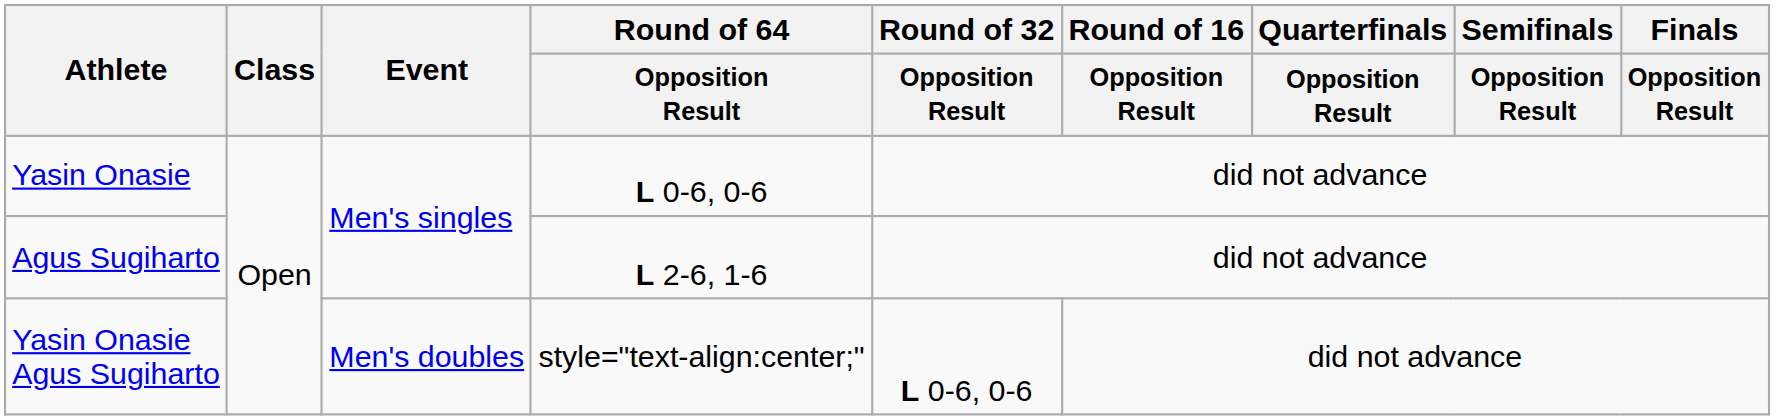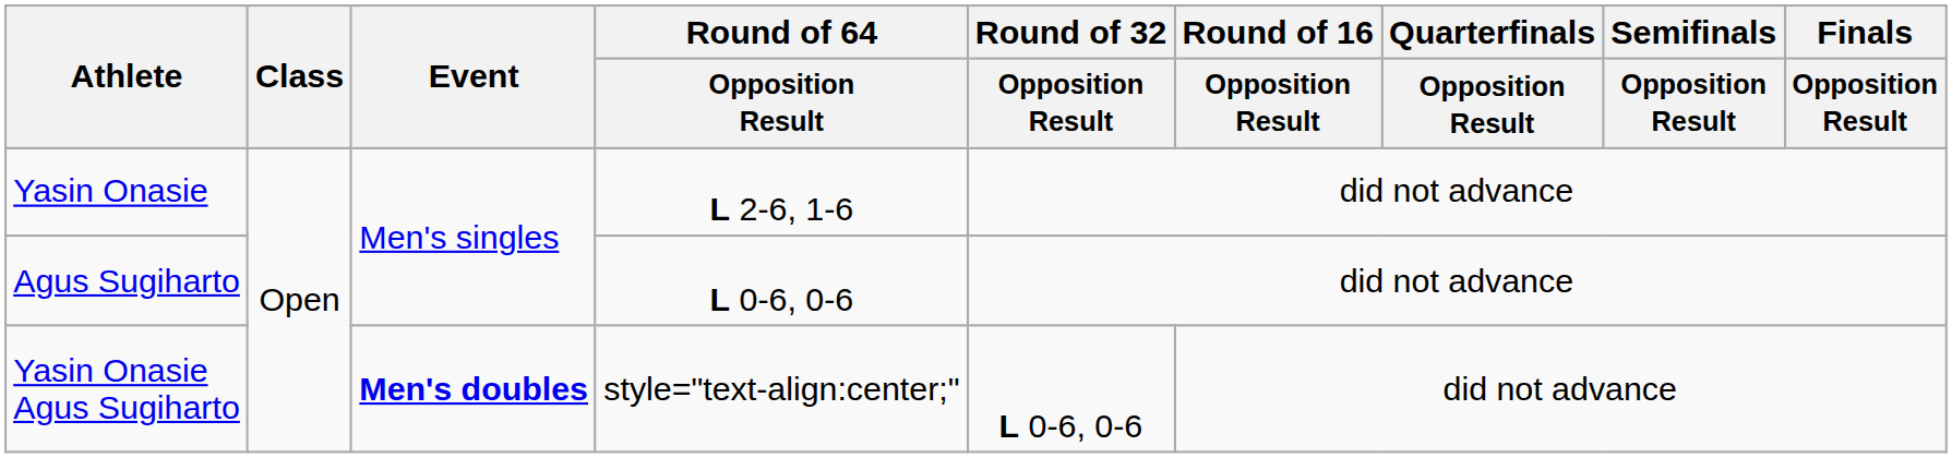 <table class=wikitable style="font-size:90%">
 <tr>
 <th rowspan="2">Athlete</th>
 <th rowspan="2">Class</th>
 <th rowspan="2">Event</th>
 <th>Round of 64</th>
 <th>Round of 32</th>
 <th>Round of 16</th>
 <th>Quarterfinals</th>
 <th>Semifinals</th>
 <th>Finals</th>
 </tr>
 <tr>
 <th style="line-height:1em"><small>Opposition<br>Result</small></th>
 <th style="line-height:1em"><small>Opposition<br>Result</small></th>
 <th style="line-height:1em"><small>Opposition<br>Result</small></th>
 <th style=”line-height:1em”><small>Opposition<br>Result</small></th>
 <th style="line-height:1em"><small>Opposition<br>Result</small></th>
 <th style="line-height:1em"><small>Opposition<br>Result</small></th>
 </tr>
 <tr>
 <td><a href='#'>Yasin Onasie</a></td>
 <td rowspan="3" style="text-align:center;">Open</td>
 <td rowspan="2"><a href='#'>Men's singles</a></td>
+<td style="text-align:center;"><br><strong>L</strong> 2-6, 1-6</td>
+<td style="text-align:center;" colspan="5">did not advance</td>
+</tr>
+<tr>
+<td><a href='#'>Agus Sugiharto</a></td>
 <td style="text-align:center;"><br><strong>L</strong> 0-6, 0-6</td>
 <td style="text-align:center;" colspan="5">did not advance</td>
 </tr>
 <tr>
-<td><a href='#'>Agus Sugiharto</a></td>
-<td style="text-align:center;"><br><strong>L</strong> 2-6, 1-6</td>
-<td style="text-align:center;" colspan="5">did not advance</td>
-</tr>
-<tr>
 <td><a href='#'>Yasin Onasie</a><br> <a href='#'>Agus Sugiharto</a></td>
-<td><a href='#'>Men's doubles</a></td>
+<td><strong><a href='#'>Men's doubles</a></strong></td>
 <td>style="text-align:center;" </td>
 <td style="text-align:center;"><br> <br><strong>L</strong> 0-6, 0-6</td>
 <td style="text-align:center;" colspan="4">did not advance</td>
 </tr>
 </table>
